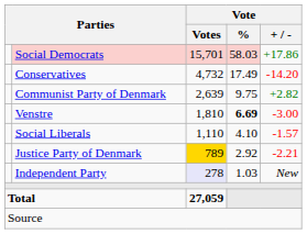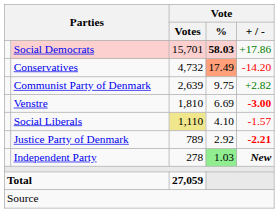 <table class="wikitable" style="text-align:right;">
 <tr>
 <th style="text-align:centre;" rowspan="2" colspan="2" width="225">Parties</th>
 <th colspan="3">Vote</th>
 </tr>
 <tr>
 <th width="15">Votes</th>
 <th width="15">%</th>
 <th width="15">+ / -</th>
 </tr>
 <tr>
 <td width="2" style="color:inherit;background:"></td>
 <td bgcolor=#fbd0ce  align="left"><a href='#'>Social Democrats</a></td>
 <td bgcolor=#fbd0ce>15,701</td>
-<td bgcolor=#fbd0ce>58.03</td>
+<td bgcolor=#fbd0ce><strong>58.03</strong></td>
 <td style=color:green;>+17.86</td>
 </tr>
 <tr>
 <td width="2" style="color:inherit;background:"></td>
 <td align="left"><a href='#'>Conservatives</a></td>
 <td>4,732</td>
-<td>17.49</td>
+<td style="background: lightsalmon;">17.49</td>
 <td style=color:red;>-14.20</td>
 </tr>
 <tr>
 <td width="2" style="color:inherit;background:"></td>
 <td align="left"><a href='#'>Communist Party of Denmark</a></td>
 <td>2,639</td>
 <td>9.75</td>
 <td style=color:green;>+2.82</td>
 </tr>
 <tr>
 <td width="2" style="color:inherit;background:"></td>
 <td align="left"><a href='#'>Venstre</a></td>
 <td>1,810</td>
-<td><strong>6.69</strong></td>
-<td style=color:red;>-3.00</td>
+<td>6.69</td>
+<td style=color:red;><strong>-3.00</strong></td>
 </tr>
 <tr>
 <td width="2" style="color:inherit;background:"></td>
 <td align="left"><a href='#'>Social Liberals</a></td>
-<td>1,110</td>
+<td style="background: khaki;">1,110</td>
 <td>4.10</td>
 <td style=color:red;>-1.57</td>
 </tr>
 <tr>
 <td width="2" style="color:inherit;background:"></td>
 <td align="left"><a href='#'>Justice Party of Denmark</a></td>
-<td style="background: gold;">789</td>
+<td>789</td>
 <td>2.92</td>
-<td style=color:red;>-2.21</td>
+<td style=color:red;><strong>-2.21</strong></td>
 </tr>
 <tr>
 <td width="2" style="color:inherit;background:"></td>
 <td align="left"><a href='#'>Independent Party</a></td>
-<td style="background: lavender;">278</td>
-<td>1.03</td>
-<td><em>New</em></td>
+<td>278</td>
+<td style="background: lightgreen;">1.03</td>
+<td><strong><em>New</em></strong></td>
 </tr>
 <tr>
 <td colspan="7" bgcolor="#E9E9E9"></td>
 </tr>
 <tr>
 <td align="left" colspan="2"><strong>Total</strong></td>
 <td><strong>27,059</strong></td>
 <td bgcolor="#E9E9E9" colspan="2"></td>
 </tr>
 <tr>
 <td align="left" colspan="6">Source</td>
 </tr>
 </table>
